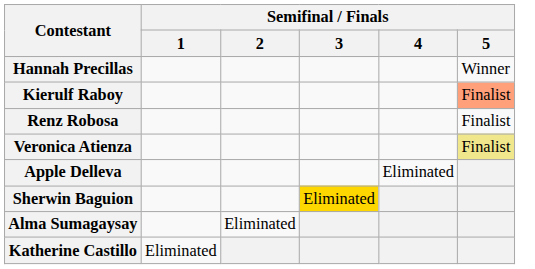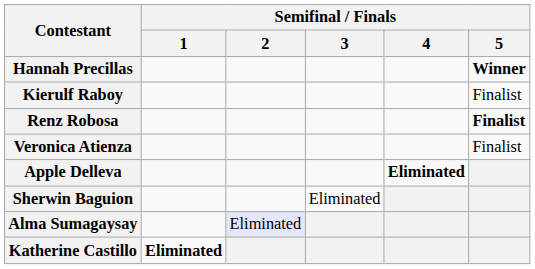 <table class="wikitable">
 <tr>
 <th rowspan=2>Contestant</th>
 <th colspan=12>Semifinal / Finals</th>
 </tr>
 <tr>
 <th>1</th>
 <th>2</th>
 <th>3</th>
 <th>4</th>
 <th>5</th>
 </tr>
 <tr>
 <th>Hannah Precillas</th>
 <td></td>
 <td></td>
 <td></td>
 <td></td>
-<td>Winner</td>
+<td><strong>Winner</strong></td>
 </tr>
 <tr>
 <th>Kierulf Raboy</th>
 <td></td>
 <td></td>
 <td></td>
 <td></td>
-<td style="background: lightsalmon;">Finalist</td>
+<td>Finalist</td>
 </tr>
 <tr>
 <th>Renz Robosa</th>
 <td></td>
 <td></td>
 <td></td>
 <td></td>
-<td>Finalist</td>
+<td><strong>Finalist</strong></td>
 </tr>
 <tr>
 <th>Veronica Atienza</th>
 <td></td>
 <td></td>
 <td></td>
 <td></td>
-<td style="background: khaki;">Finalist</td>
+<td>Finalist</td>
 </tr>
 <tr>
 <th>Apple Delleva</th>
 <td></td>
 <td></td>
 <td></td>
-<td>Eliminated</td>
+<td><strong>Eliminated</strong></td>
 <th></th>
 </tr>
 <tr>
 <th>Sherwin Baguion</th>
 <td></td>
 <td></td>
-<td style="background: gold;">Eliminated</td>
+<td>Eliminated</td>
 <th></th>
 <th></th>
 </tr>
 <tr>
 <th>Alma Sumagaysay</th>
 <td></td>
-<td>Eliminated</td>
+<td style="background: lavender;">Eliminated</td>
 <th></th>
 <th></th>
 <th></th>
 </tr>
 <tr>
 <th>Katherine Castillo</th>
-<td>Eliminated</td>
+<td><strong>Eliminated</strong></td>
 <th></th>
 <th></th>
 <th></th>
 <th></th>
 </tr>
 </table>
